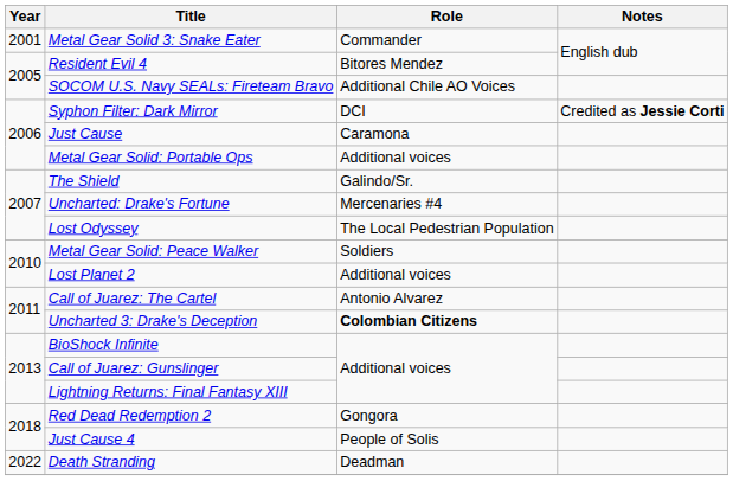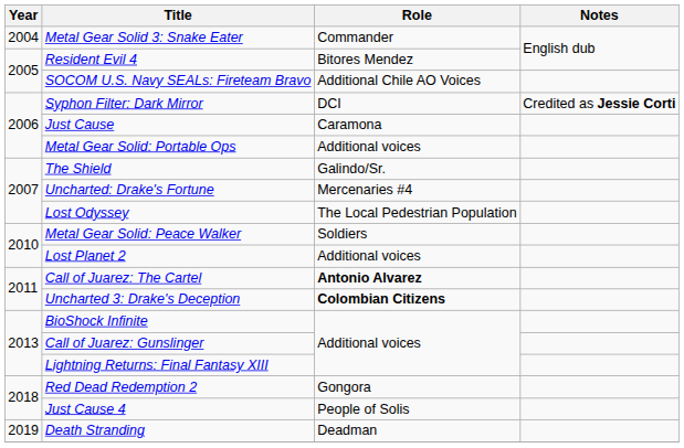 <table class="wikitable sortable">
 <tr>
 <th>Year</th>
 <th>Title</th>
 <th>Role</th>
 <th>Notes</th>
 </tr>
 <tr>
-<td>2001</td>
+<td>2004</td>
 <td><em><a href='#'>Metal Gear Solid 3: Snake Eater</a></em></td>
 <td>Commander</td>
 <td rowspan=2>English dub</td>
 </tr>
 <tr>
 <td rowspan=2>2005</td>
 <td><em><a href='#'>Resident Evil 4</a></em></td>
 <td>Bitores Mendez</td>
 </tr>
 <tr>
 <td><em><a href='#'>SOCOM U.S. Navy SEALs: Fireteam Bravo</a></em></td>
 <td>Additional Chile AO Voices</td>
 <td></td>
 </tr>
 <tr>
 <td rowspan=3>2006</td>
 <td><em><a href='#'>Syphon Filter: Dark Mirror</a></em></td>
 <td>DCI</td>
 <td>Credited as <strong>Jessie Corti</strong></td>
 </tr>
 <tr>
 <td><em><a href='#'>Just Cause</a></em></td>
 <td>Caramona</td>
 <td></td>
 </tr>
 <tr>
 <td><em><a href='#'>Metal Gear Solid: Portable Ops</a></em></td>
 <td>Additional voices</td>
 <td></td>
 </tr>
 <tr>
 <td rowspan=3>2007</td>
 <td><em><a href='#'>The Shield</a></em></td>
 <td>Galindo/Sr.</td>
 <td></td>
 </tr>
 <tr>
 <td><em><a href='#'>Uncharted: Drake's Fortune</a></em></td>
 <td>Mercenaries #4</td>
 <td></td>
 </tr>
 <tr>
 <td><em><a href='#'>Lost Odyssey</a></em></td>
 <td>The Local Pedestrian Population</td>
 <td></td>
 </tr>
 <tr>
 <td rowspan=2>2010</td>
 <td><em><a href='#'>Metal Gear Solid: Peace Walker</a></em></td>
 <td>Soldiers</td>
 <td></td>
 </tr>
 <tr>
 <td><em><a href='#'>Lost Planet 2</a></em></td>
 <td>Additional voices</td>
 <td></td>
 </tr>
 <tr>
 <td rowspan=2>2011</td>
 <td><em><a href='#'>Call of Juarez: The Cartel</a></em></td>
-<td>Antonio Alvarez</td>
+<td><strong>Antonio Alvarez</strong></td>
 <td></td>
 </tr>
 <tr>
 <td><em><a href='#'>Uncharted 3: Drake's Deception</a></em></td>
 <td><strong>Colombian Citizens</strong></td>
 <td></td>
 </tr>
 <tr>
 <td rowspan=3>2013</td>
 <td><em><a href='#'>BioShock Infinite</a></em></td>
 <td rowspan=3>Additional voices</td>
 <td></td>
 </tr>
 <tr>
 <td><em><a href='#'>Call of Juarez: Gunslinger</a></em></td>
 <td></td>
 </tr>
 <tr>
 <td><em><a href='#'>Lightning Returns: Final Fantasy XIII</a></em></td>
 <td></td>
 </tr>
 <tr>
 <td rowspan=2>2018</td>
 <td><em><a href='#'>Red Dead Redemption 2</a></em></td>
 <td>Gongora</td>
 <td></td>
 </tr>
 <tr>
 <td><em><a href='#'>Just Cause 4</a></em></td>
 <td>People of Solis</td>
 <td></td>
 </tr>
 <tr>
-<td>2022</td>
+<td>2019</td>
 <td><em><a href='#'>Death Stranding</a></em></td>
 <td>Deadman</td>
 <td></td>
 </tr>
 <tr>
 </tr>
 </table>
